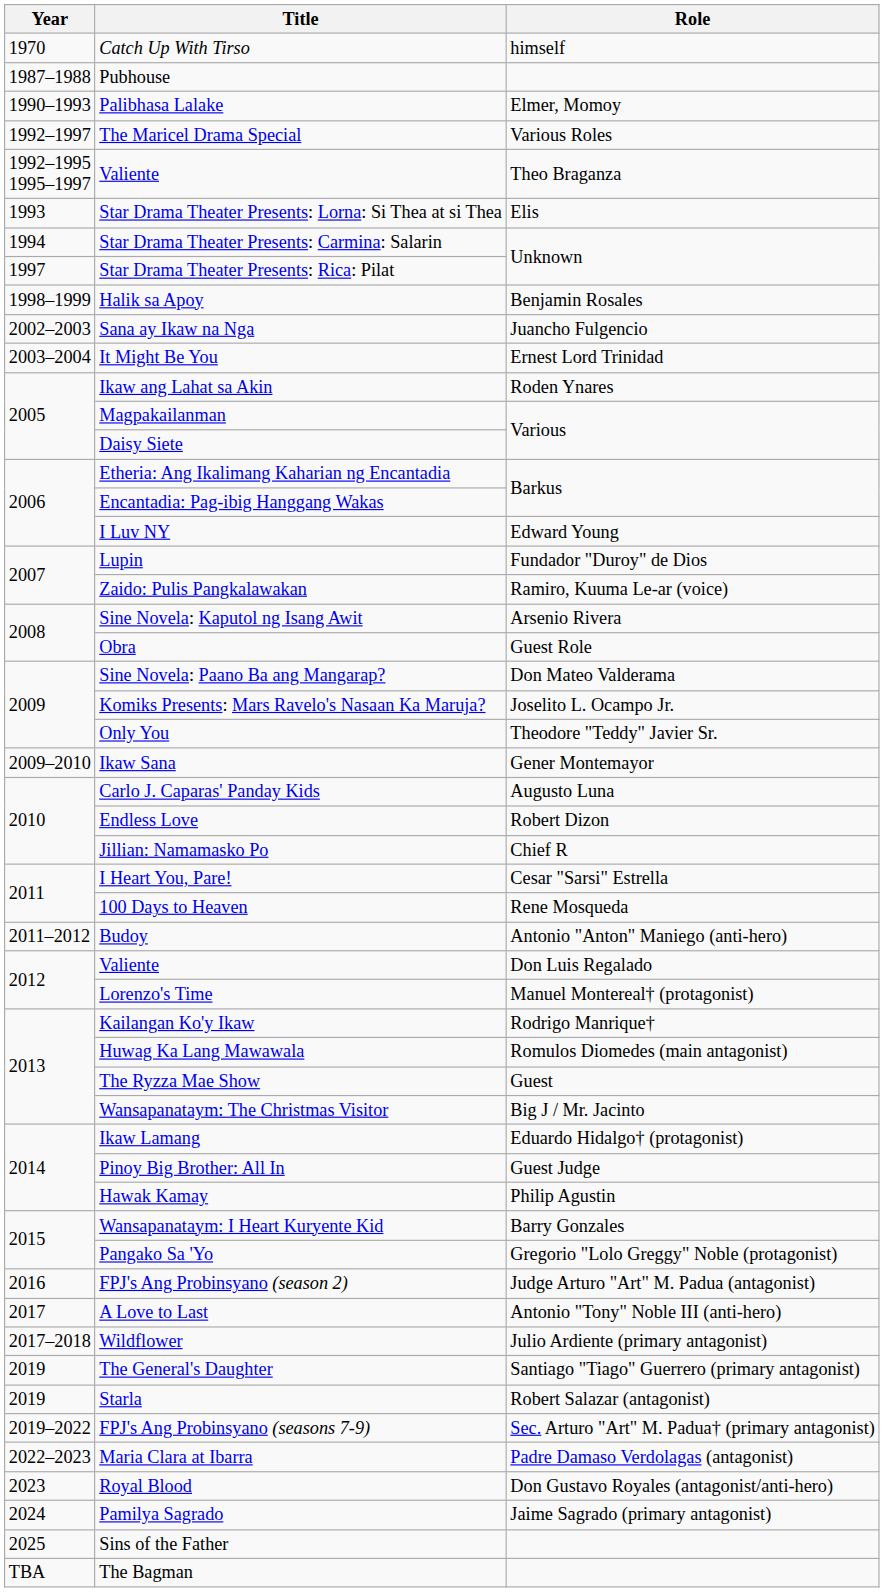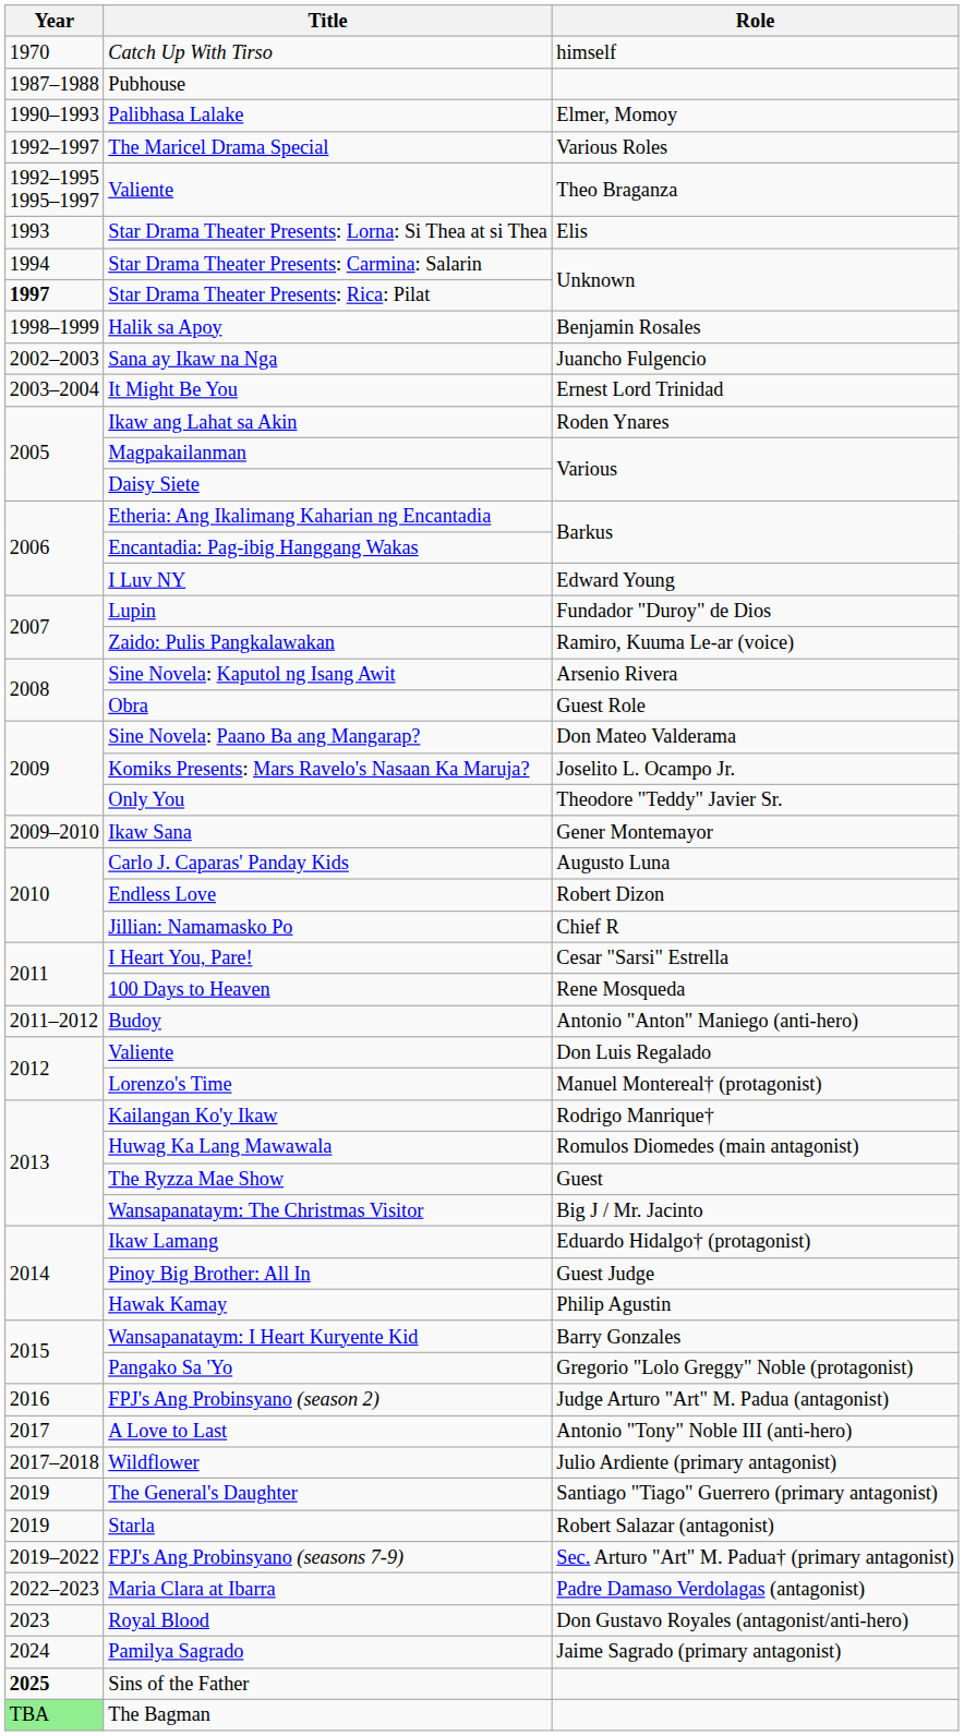 <table class="wikitable">
 <tr>
 <th>Year</th>
 <th>Title</th>
 <th>Role</th>
 </tr>
 <tr>
 <td>1970</td>
 <td><em>Catch Up With Tirso</td>
 <td>himself</td>
 </tr>
 <tr>
 <td>1987–1988</td>
 <td></em>Pubhouse<em></td>
 <td></td>
 </tr>
 <tr>
 <td>1990–1993</td>
 <td></em><a href='#'>Palibhasa Lalake</a><em></td>
 <td>Elmer, Momoy</td>
 </tr>
 <tr>
 <td>1992–1997</td>
 <td></em><a href='#'>The Maricel Drama Special</a><em></td>
 <td>Various Roles</td>
 </tr>
 <tr>
 <td>1992–1995<br>1995–1997</td>
 <td></em><a href='#'>Valiente</a><em></td>
 <td>Theo Braganza</td>
 </tr>
 <tr>
 <td>1993</td>
 <td></em><a href='#'>Star Drama Theater Presents</a>: <a href='#'>Lorna</a>: Si Thea at si Thea<em></td>
 <td>Elis</td>
 </tr>
 <tr>
 <td>1994</td>
 <td></em><a href='#'>Star Drama Theater Presents</a>: <a href='#'>Carmina</a>: Salarin<em></td>
 <td rowspan="2">Unknown</td>
 </tr>
 <tr>
-<td>1997</td>
+<td><strong>1997</strong></td>
 <td></em><a href='#'>Star Drama Theater Presents</a>: <a href='#'>Rica</a>: Pilat<em></td>
 </tr>
 <tr>
 <td>1998–1999</td>
 <td></em><a href='#'>Halik sa Apoy</a><em></td>
 <td>Benjamin Rosales</td>
 </tr>
 <tr>
 <td>2002–2003</td>
 <td></em><a href='#'>Sana ay Ikaw na Nga</a><em></td>
 <td>Juancho Fulgencio</td>
 </tr>
 <tr>
 <td>2003–2004</td>
 <td></em><a href='#'>It Might Be You</a><em></td>
 <td>Ernest Lord Trinidad</td>
 </tr>
 <tr>
 <td rowspan="3">2005</td>
 <td></em><a href='#'>Ikaw ang Lahat sa Akin</a><em></td>
 <td>Roden Ynares</td>
 </tr>
 <tr>
 <td></em><a href='#'>Magpakailanman</a><em></td>
 <td rowspan="2">Various</td>
 </tr>
 <tr>
 <td></em><a href='#'>Daisy Siete</a><em></td>
 </tr>
 <tr>
 <td rowspan="3">2006</td>
 <td></em><a href='#'>Etheria: Ang Ikalimang Kaharian ng Encantadia</a><em></td>
 <td rowspan="2">Barkus</td>
 </tr>
 <tr>
 <td></em><a href='#'>Encantadia: Pag-ibig Hanggang Wakas</a><em></td>
 </tr>
 <tr>
 <td></em><a href='#'>I Luv NY</a><em></td>
 <td>Edward Young</td>
 </tr>
 <tr>
 <td rowspan="2">2007</td>
 <td></em><a href='#'>Lupin</a><em></td>
 <td>Fundador "Duroy" de Dios</td>
 </tr>
 <tr>
 <td></em><a href='#'>Zaido: Pulis Pangkalawakan</a><em></td>
 <td>Ramiro, Kuuma Le-ar (voice)</td>
 </tr>
 <tr>
 <td rowspan="2">2008</td>
 <td></em><a href='#'>Sine Novela</a>: <a href='#'>Kaputol ng Isang Awit</a><em></td>
 <td>Arsenio Rivera</td>
 </tr>
 <tr>
 <td></em><a href='#'>Obra</a><em></td>
 <td>Guest Role</td>
 </tr>
 <tr>
 <td rowspan="3">2009</td>
 <td></em><a href='#'>Sine Novela</a>: <a href='#'>Paano Ba ang Mangarap?</a><em></td>
 <td>Don Mateo Valderama</td>
 </tr>
 <tr>
 <td></em><a href='#'>Komiks Presents</a>: <a href='#'>Mars Ravelo's Nasaan Ka Maruja?</a><em></td>
 <td>Joselito L. Ocampo Jr.</td>
 </tr>
 <tr>
 <td></em><a href='#'>Only You</a><em></td>
 <td>Theodore "Teddy" Javier Sr.</td>
 </tr>
 <tr>
 <td>2009–2010</td>
 <td></em><a href='#'>Ikaw Sana</a><em></td>
 <td>Gener Montemayor</td>
 </tr>
 <tr>
 <td rowspan="3">2010</td>
 <td></em><a href='#'>Carlo J. Caparas' Panday Kids</a><em></td>
 <td>Augusto Luna</td>
 </tr>
 <tr>
 <td></em><a href='#'>Endless Love</a><em></td>
 <td>Robert Dizon</td>
 </tr>
 <tr>
 <td></em><a href='#'>Jillian: Namamasko Po</a><em></td>
 <td>Chief R</td>
 </tr>
 <tr>
 <td rowspan=2>2011</td>
 <td></em><a href='#'>I Heart You, Pare!</a><em></td>
 <td>Cesar "Sarsi" Estrella</td>
 </tr>
 <tr>
 <td></em><a href='#'>100 Days to Heaven</a><em></td>
 <td>Rene Mosqueda</td>
 </tr>
 <tr>
 <td>2011–2012</td>
 <td></em><a href='#'>Budoy</a><em></td>
 <td>Antonio "Anton" Maniego (anti-hero)</td>
 </tr>
 <tr>
 <td rowspan="2">2012</td>
 <td></em><a href='#'>Valiente</a><em></td>
 <td>Don Luis Regalado</td>
 </tr>
 <tr>
 <td></em><a href='#'>Lorenzo's Time</a><em></td>
 <td>Manuel Montereal† (protagonist)</td>
 </tr>
 <tr>
 <td rowspan="4">2013</td>
 <td></em><a href='#'>Kailangan Ko'y Ikaw</a><em></td>
 <td>Rodrigo Manrique†</td>
 </tr>
 <tr>
 <td></em><a href='#'>Huwag Ka Lang Mawawala</a><em></td>
 <td>Romulos Diomedes (main antagonist)</td>
 </tr>
 <tr>
 <td></em><a href='#'>The Ryzza Mae Show</a><em></td>
 <td>Guest</td>
 </tr>
 <tr>
 <td></em><a href='#'>Wansapanataym: The Christmas Visitor</a><em></td>
 <td>Big J / Mr. Jacinto</td>
 </tr>
 <tr>
 <td rowspan="3">2014</td>
 <td></em><a href='#'>Ikaw Lamang</a><em></td>
 <td>Eduardo Hidalgo† (protagonist)</td>
 </tr>
 <tr>
 <td></em><a href='#'>Pinoy Big Brother: All In</a><em></td>
 <td>Guest Judge</td>
 </tr>
 <tr>
 <td></em><a href='#'>Hawak Kamay</a><em></td>
 <td>Philip Agustin</td>
 </tr>
 <tr>
 <td rowspan="2">2015</td>
 <td></em><a href='#'>Wansapanataym: I Heart Kuryente Kid</a><em></td>
 <td>Barry Gonzales</td>
 </tr>
 <tr>
 <td></em><a href='#'>Pangako Sa 'Yo</a><em></td>
 <td>Gregorio "Lolo Greggy" Noble (protagonist)</td>
 </tr>
 <tr>
 <td>2016</td>
 <td></em><a href='#'>FPJ's Ang Probinsyano</a><em> (season 2)</td>
 <td>Judge Arturo "Art" M. Padua (antagonist)</td>
 </tr>
 <tr>
 <td>2017</td>
 <td></em><a href='#'>A Love to Last</a><em></td>
 <td>Antonio "Tony" Noble III (anti-hero)</td>
 </tr>
 <tr>
 <td>2017–2018</td>
 <td></em><a href='#'>Wildflower</a><em></td>
 <td>Julio Ardiente (primary antagonist)</td>
 </tr>
 <tr>
 <td>2019</td>
 <td></em><a href='#'>The General's Daughter</a><em></td>
 <td>Santiago "Tiago" Guerrero (primary antagonist)</td>
 </tr>
 <tr>
 <td>2019</td>
 <td></em><a href='#'>Starla</a><em></td>
 <td>Robert Salazar (antagonist)</td>
 </tr>
 <tr>
 <td>2019–2022</td>
 <td></em><a href='#'>FPJ's Ang Probinsyano</a><em> (seasons 7-9)</td>
 <td><a href='#'>Sec.</a> Arturo "Art" M. Padua† (primary antagonist)</td>
 </tr>
 <tr>
 <td>2022–2023</td>
 <td></em><a href='#'>Maria Clara at Ibarra</a><em></td>
 <td><a href='#'>Padre Damaso Verdolagas</a> (antagonist)</td>
 </tr>
 <tr>
 <td>2023</td>
 <td></em><a href='#'>Royal Blood</a><em></td>
 <td>Don Gustavo Royales (antagonist/anti-hero)</td>
 </tr>
 <tr>
 <td>2024</td>
 <td></em><a href='#'>Pamilya Sagrado</a><em></td>
 <td>Jaime Sagrado (primary antagonist)</td>
 </tr>
 <tr>
-<td>2025</td>
+<td><strong>2025</strong></td>
 <td></em>Sins of the Father<em></td>
 <td></td>
 </tr>
 <tr>
-<td>TBA</td>
+<td style="background: lightgreen;">TBA</td>
 <td></em>The Bagman<em></td>
 <td></td>
 </tr>
 </table>
